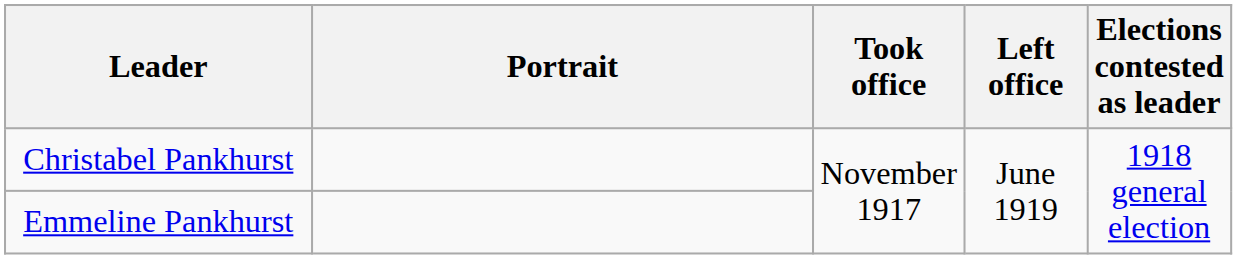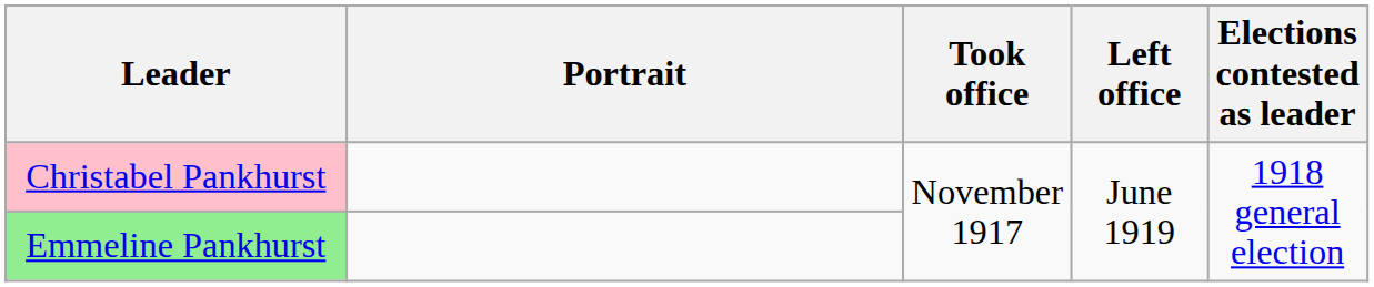 <table class="wikitable" style="text-align:center">
 <tr>
 <th style="width:25%;">Leader<br></th>
 <th width=60>Portrait</th>
 <th style="width:10%;">Took office</th>
 <th style="width:10%;">Left office</th>
 <th style="width:10%;">Elections contested as leader</th>
 </tr>
 <tr>
-<td><a href='#'>Christabel Pankhurst</a><br></td>
+<td style="background: pink;"><a href='#'>Christabel Pankhurst</a><br></td>
 <td></td>
 <td rowspan=2>November 1917</td>
 <td rowspan=2>June 1919</td>
 <td rowspan=2><a href='#'>1918 general election</a></td>
 </tr>
 <tr>
-<td><a href='#'>Emmeline Pankhurst</a><br></td>
+<td style="background: lightgreen;"><a href='#'>Emmeline Pankhurst</a><br></td>
 <td></td>
 </tr>
 </table>
